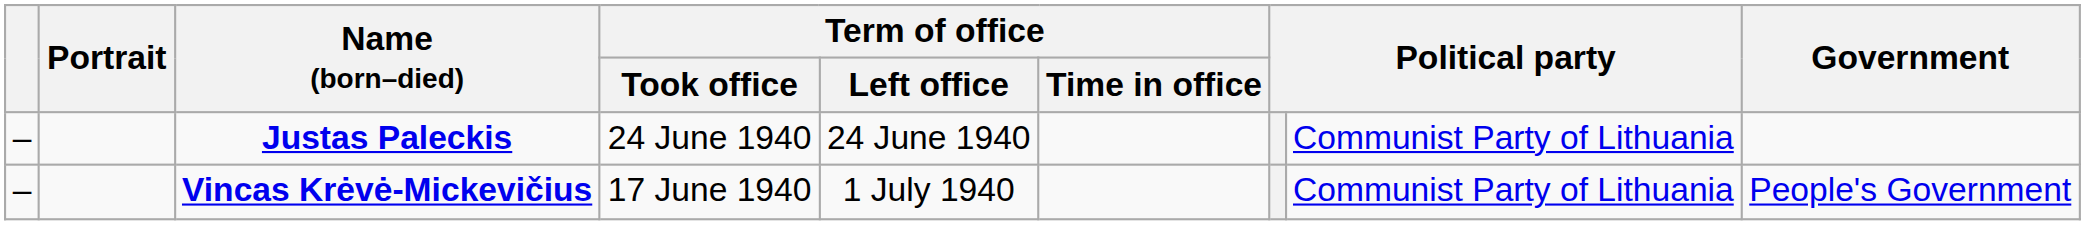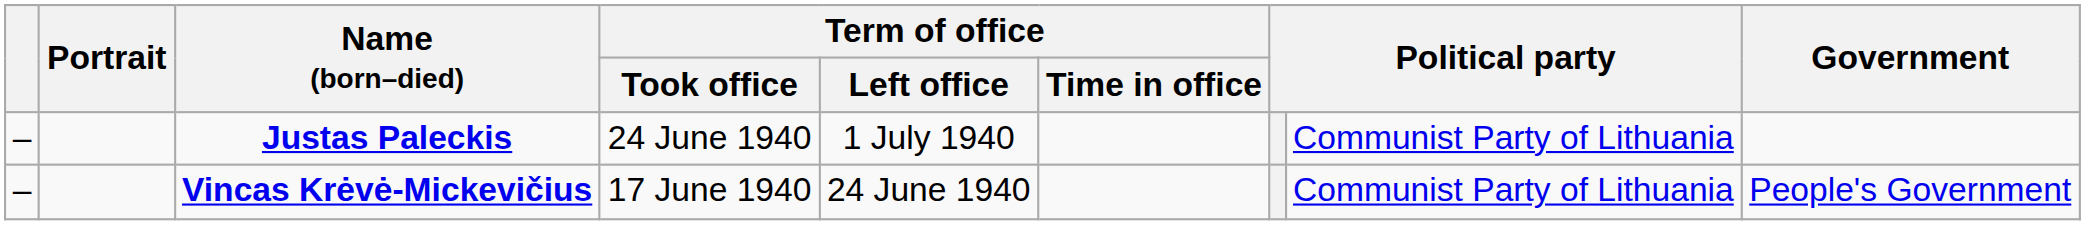 <table class="wikitable" style="text-align:center;">
 <tr>
 <th rowspan=2></th>
 <th rowspan=2>Portrait</th>
 <th rowspan=2>Name<br><small>(born–died)</small></th>
 <th colspan=3>Term of office</th>
 <th colspan=2 rowspan=2>Political party</th>
 <th rowspan=2>Government</th>
 </tr>
 <tr>
 <th>Took office</th>
 <th>Left office</th>
 <th>Time in office</th>
 </tr>
 <tr>
 <td>–</td>
 <td></td>
 <td><strong><a href='#'>Justas Paleckis</a></strong><br></td>
 <td>24 June 1940</td>
-<td>24 June 1940</td>
+<td>1 July 1940</td>
 <td></td>
 <th style="background:"></th>
 <td><a href='#'>Communist Party of Lithuania</a></td>
 <td></td>
 </tr>
 <tr>
 <td>–</td>
 <td></td>
 <td><strong><a href='#'>Vincas Krėvė-Mickevičius</a></strong><br></td>
 <td>17 June 1940</td>
-<td>1 July 1940</td>
+<td>24 June 1940</td>
 <td></td>
 <th style="background:"></th>
 <td><a href='#'>Communist Party of Lithuania</a></td>
 <td><a href='#'>People's Government</a></td>
 </tr>
 </table>
